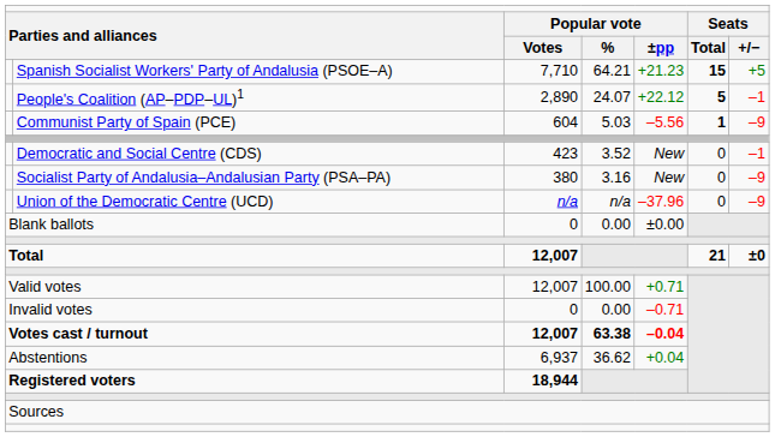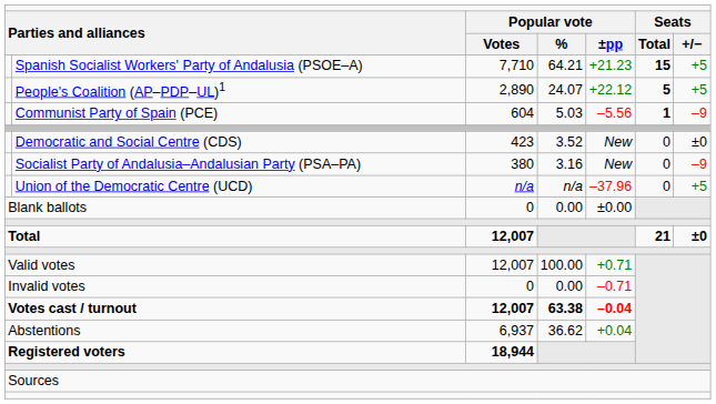 <table class="wikitable" style="text-align:right;">
 <tr>
 <td colspan="7"></td>
 </tr>
 <tr>
 <th style="text-align:left;" rowspan="2" colspan="2" width="525">Parties and alliances</th>
 <th colspan="3">Popular vote</th>
 <th colspan="2">Seats</th>
 </tr>
 <tr>
 <th width="75">Votes</th>
 <th width="45">%</th>
 <th width="45">±<a href='#'>pp</a></th>
 <th width="35">Total</th>
 <th width="35">+/−</th>
 </tr>
 <tr>
 <td width="1" style="color:inherit;background:"></td>
 <td align="left"><a href='#'>Spanish Socialist Workers' Party of Andalusia</a> (PSOE–A)</td>
 <td>7,710</td>
 <td>64.21</td>
 <td style="color:green;">+21.23</td>
 <td><strong>15</strong></td>
 <td style="color:green;">+5</td>
 </tr>
 <tr>
 <td style="color:inherit;background:"></td>
 <td align="left"><a href='#'>People's Coalition</a> (<a href='#'>AP</a>–<a href='#'>PDP</a>–<a href='#'>UL</a>)<sup>1</sup></td>
 <td>2,890</td>
 <td>24.07</td>
 <td style="color:green;">+22.12</td>
 <td><strong>5</strong></td>
-<td style="color:red;">–1</td>
+<td style="color:green;">+5</td>
 </tr>
 <tr>
 <td style="color:inherit;background:"></td>
 <td align="left"><a href='#'>Communist Party of Spain</a> (PCE)</td>
 <td>604</td>
 <td>5.03</td>
 <td style="color:red;">–5.56</td>
 <td><strong>1</strong></td>
 <td style="color:red;">–9</td>
 </tr>
 <tr>
 <td colspan="7" bgcolor="#C0C0C0"></td>
 </tr>
 <tr>
 <td style="color:inherit;background:"></td>
 <td align="left"><a href='#'>Democratic and Social Centre</a> (CDS)</td>
 <td>423</td>
 <td>3.52</td>
 <td><em>New</em></td>
 <td>0</td>
-<td style="color:red;">–1</td>
+<td>±0</td>
 </tr>
 <tr>
 <td style="color:inherit;background:"></td>
 <td align="left"><a href='#'>Socialist Party of Andalusia–Andalusian Party</a> (PSA–PA)</td>
 <td>380</td>
 <td>3.16</td>
 <td><em>New</em></td>
 <td>0</td>
 <td style="color:red;">–9</td>
 </tr>
 <tr>
 <td style="color:inherit;background:"></td>
 <td align="left"><a href='#'>Union of the Democratic Centre</a> (UCD)</td>
 <td><em><a href='#'>n/a</a></em></td>
 <td><em>n/a</em></td>
 <td style="color:red;">–37.96</td>
 <td>0</td>
-<td style="color:red;">–9</td>
+<td style="color:green;">+5</td>
 </tr>
 <tr>
 <td align="left" colspan="2">Blank ballots</td>
 <td>0</td>
 <td>0.00</td>
 <td>±0.00</td>
 <td bgcolor="#E9E9E9" colspan="2"></td>
 </tr>
 <tr>
 <td colspan="7" bgcolor="#E9E9E9"></td>
 </tr>
 <tr style="font-weight:bold;">
 <td align="left" colspan="2">Total</td>
 <td>12,007</td>
 <td bgcolor="#E9E9E9" colspan="2"></td>
 <td>21</td>
 <td>±0</td>
 </tr>
 <tr>
 <td colspan="7" bgcolor="#E9E9E9"></td>
 </tr>
 <tr>
 <td align="left" colspan="2">Valid votes</td>
 <td>12,007</td>
 <td>100.00</td>
 <td style="color:green;">+0.71</td>
 <td bgcolor="#E9E9E9" colspan="2" rowspan="5"></td>
 </tr>
 <tr>
 <td align="left" colspan="2">Invalid votes</td>
 <td>0</td>
 <td>0.00</td>
 <td style="color:red;">–0.71</td>
 </tr>
 <tr style="font-weight:bold;">
 <td align="left" colspan="2">Votes cast / turnout</td>
 <td>12,007</td>
 <td>63.38</td>
 <td style="color:red;">–0.04</td>
 </tr>
 <tr>
 <td align="left" colspan="2">Abstentions</td>
 <td>6,937</td>
 <td>36.62</td>
 <td style="color:green;">+0.04</td>
 </tr>
 <tr style="font-weight:bold;">
 <td align="left" colspan="2">Registered voters</td>
 <td>18,944</td>
 <td bgcolor="#E9E9E9" colspan="2"></td>
 </tr>
 <tr>
 <td colspan="7" bgcolor="#E9E9E9"></td>
 </tr>
 <tr>
 <td align="left" colspan="7">Sources</td>
 </tr>
 <tr>
 <td colspan="7" style="text-align:left; max-width:790px;"></td>
 </tr>
 </table>
